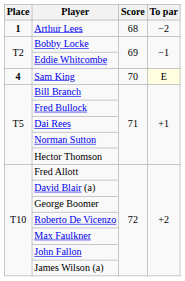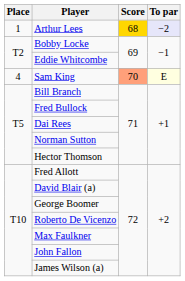 <table class="wikitable">
 <tr>
 <th>Place</th>
 <th>Player</th>
 <th>Score</th>
 <th>To par</th>
 </tr>
 <tr>
-<td align="center"><strong>1</strong></td>
+<td align="center">1</td>
 <td> <a href='#'>Arthur Lees</a></td>
-<td align="center">68</td>
-<td align="center">−2</td>
+<td align="center" style="background: gold;">68</td>
+<td align="center" style="background: lavender;">−2</td>
 </tr>
 <tr>
 <td rowspan=2 align="center">T2</td>
 <td> <a href='#'>Bobby Locke</a></td>
 <td rowspan=2 align="center">69</td>
 <td rowspan=2 align="center">−1</td>
 </tr>
 <tr>
 <td> <a href='#'>Eddie Whitcombe</a></td>
 </tr>
 <tr>
-<td align="center"><strong>4</strong></td>
+<td align="center">4</td>
 <td> <a href='#'>Sam King</a></td>
-<td align="center">70</td>
+<td align="center" style="background: lightsalmon;">70</td>
 <td align="center" style="background: lightyellow;">E</td>
 </tr>
 <tr>
 <td rowspan=5 align="center">T5</td>
 <td> <a href='#'>Bill Branch</a></td>
 <td rowspan=5 align="center">71</td>
 <td rowspan=5 align="center">+1</td>
 </tr>
 <tr>
 <td> <a href='#'>Fred Bullock</a></td>
 </tr>
 <tr>
 <td> <a href='#'>Dai Rees</a></td>
 </tr>
 <tr>
 <td> <a href='#'>Norman Sutton</a></td>
 </tr>
 <tr>
 <td> Hector Thomson</td>
 </tr>
 <tr>
 <td rowspan=7 align="center">T10</td>
 <td> Fred Allott</td>
 <td rowspan=7 align="center">72</td>
 <td rowspan=7 align="center">+2</td>
 </tr>
 <tr>
 <td> <a href='#'>David Blair</a> (a)</td>
 </tr>
 <tr>
 <td> George Boomer</td>
 </tr>
 <tr>
 <td> <a href='#'>Roberto De Vicenzo</a></td>
 </tr>
 <tr>
 <td> <a href='#'>Max Faulkner</a></td>
 </tr>
 <tr>
 <td> <a href='#'>John Fallon</a></td>
 </tr>
 <tr>
 <td> James Wilson (a)</td>
 </tr>
 </table>
